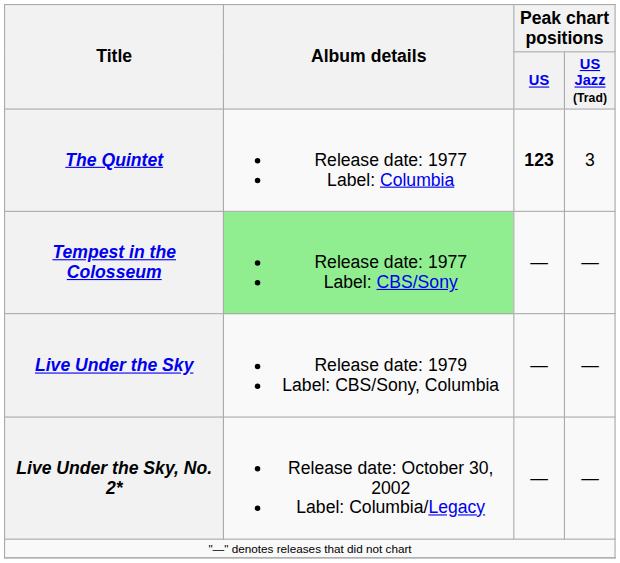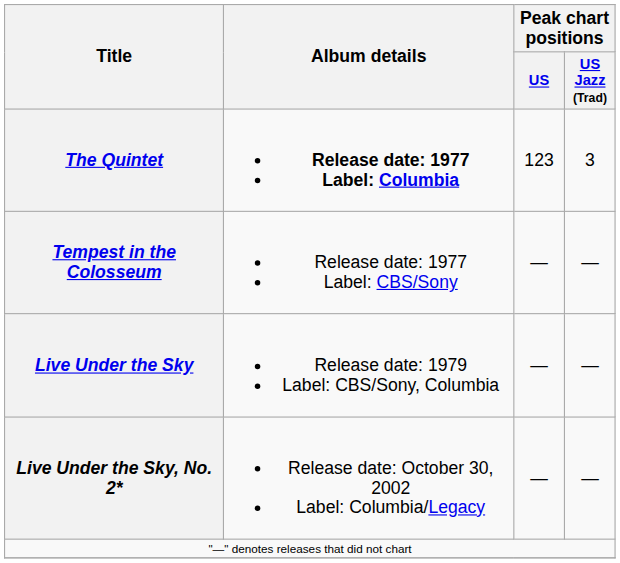 <table class="wikitable plainrowheaders" style="text-align:center;">
 <tr>
 <th rowspan="2" style="width:12em;">Title</th>
 <th rowspan="2" style="width:16em;">Album details</th>
 <th colspan="2">Peak chart positions</th>
 </tr>
 <tr style="font-size:smaller;">
 <th width="40"><a href='#'>US</a><br></th>
 <th width="40"><a href='#'>US <br>Jazz</a><br><small>(Trad)</small><br></th>
 </tr>
 <tr>
 <th scope="row"><em><a href='#'>The Quintet</a></em></th>
-<td><br><ul><li>Release date: 1977</li><li>Label: <a href='#'>Columbia</a></li></ul></td>
-<td><strong>123</strong></td>
+<td><strong><br><ul><li>Release date: 1977</li><li>Label: <a href='#'>Columbia</a></li></ul></strong></td>
+<td>123</td>
 <td>3</td>
 </tr>
 <tr>
 <th scope="row"><em><a href='#'>Tempest in the Colosseum</a></em></th>
-<td style="background: lightgreen;"><br><ul><li>Release date: 1977</li><li>Label: <a href='#'>CBS/Sony</a></li></ul></td>
+<td><br><ul><li>Release date: 1977</li><li>Label: <a href='#'>CBS/Sony</a></li></ul></td>
 <td>—</td>
 <td>—</td>
 </tr>
 <tr>
 <th scope="row"><em><a href='#'>Live Under the Sky</a></em></th>
 <td><br><ul><li>Release date: 1979</li><li>Label:  CBS/Sony, Columbia</li></ul></td>
 <td>—</td>
 <td>—</td>
 </tr>
 <tr>
 <th scope="row"><em>Live Under the Sky, No. 2*</em></th>
 <td><br><ul><li>Release date: October 30, 2002</li><li>Label: Columbia/<a href='#'>Legacy</a></li></ul></td>
 <td>—</td>
 <td>—</td>
 </tr>
 <tr>
 <td colspan="6" style="font-size:8pt">"—" denotes releases that did not chart</td>
 </tr>
 <tr>
 </tr>
 </table>
